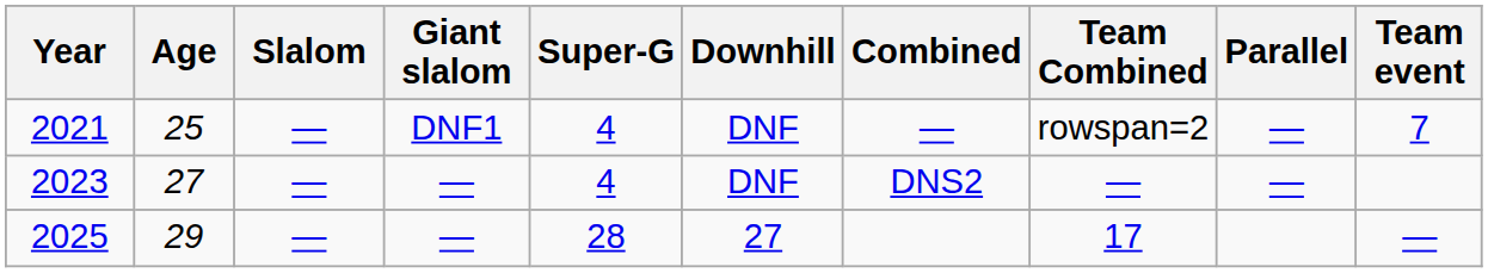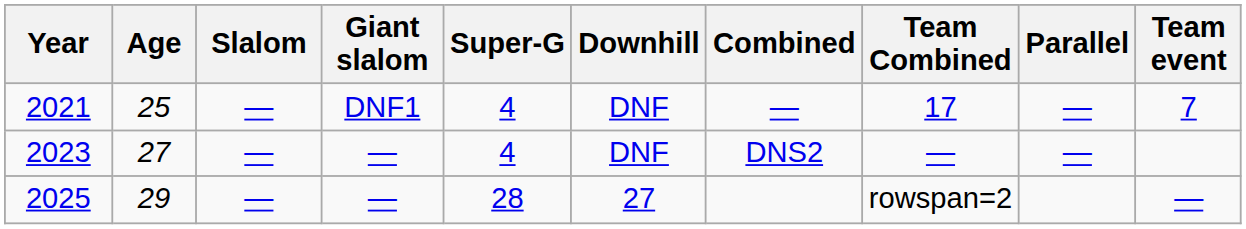 <table class=wikitable style="text-align:center">
 <tr>
 <th>  Year  </th>
 <th> Age </th>
 <th> Slalom </th>
 <th> Giant <br> slalom </th>
 <th>Super-G</th>
 <th>Downhill</th>
 <th>Combined</th>
 <th>Team<br>Combined</th>
 <th>Parallel</th>
 <th>Team<br> event </th>
 </tr>
 <tr>
 <td><a href='#'>2021</a></td>
 <td><em>25</em></td>
 <td><a href='#'>—</a></td>
 <td><a href='#'>DNF1</a></td>
 <td><a href='#'>4</a></td>
 <td><a href='#'>DNF</a></td>
 <td><a href='#'>—</a></td>
-<td>rowspan=2</td>
+<td><a href='#'>17</a></td>
 <td><a href='#'>—</a></td>
 <td><a href='#'>7</a></td>
 </tr>
 <tr>
 <td><a href='#'>2023</a></td>
 <td><em>27</em></td>
 <td><a href='#'>—</a></td>
 <td><a href='#'>—</a></td>
 <td><a href='#'>4</a></td>
 <td><a href='#'>DNF</a></td>
 <td><a href='#'>DNS2</a></td>
 <td><a href='#'>—</a></td>
 <td><a href='#'>—</a></td>
 </tr>
 <tr>
 <td><a href='#'>2025</a></td>
 <td><em>29</em></td>
 <td><a href='#'>—</a></td>
 <td><a href='#'>—</a></td>
 <td><a href='#'>28</a></td>
 <td><a href='#'>27</a></td>
 <td></td>
-<td><a href='#'>17</a></td>
+<td>rowspan=2</td>
 <td></td>
 <td><a href='#'>—</a></td>
 </tr>
 </table>
